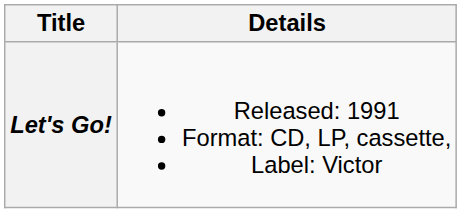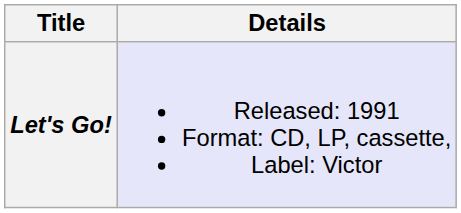 <table class="wikitable plainrowheaders" style="text-align:center;" border="1">
 <tr>
 <th>Title</th>
 <th>Details</th>
 </tr>
 <tr>
 <th scope="row"><em>Let's Go!</em></th>
-<td><br><ul><li>Released: 1991</li><li>Format: CD, LP, cassette,</li><li>Label: Victor</li></ul></td>
+<td style="background: lavender;"><br><ul><li>Released: 1991</li><li>Format: CD, LP, cassette,</li><li>Label: Victor</li></ul></td>
 </tr>
 </table>
